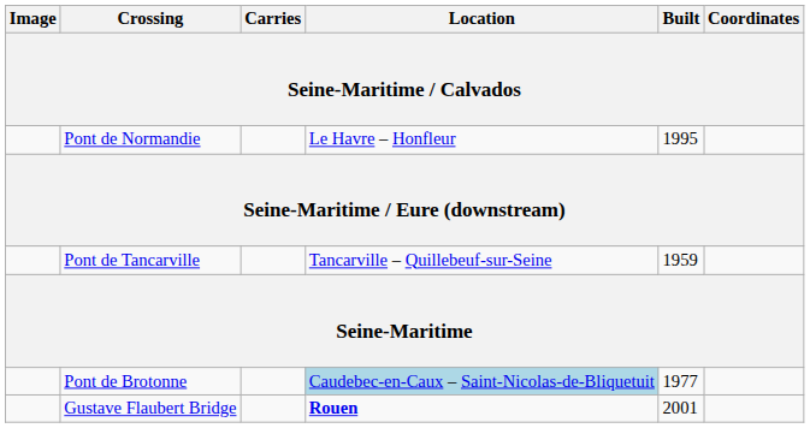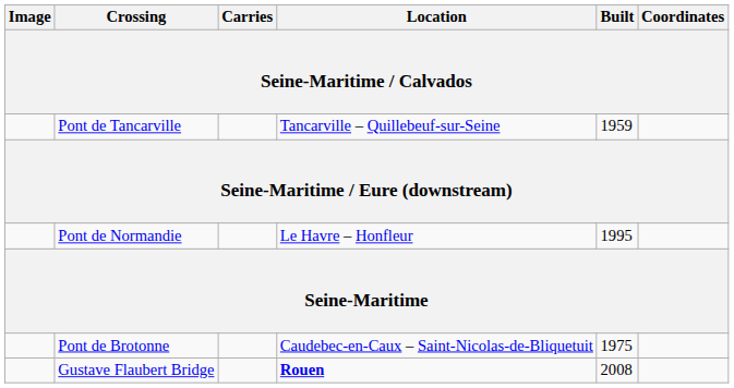 <table class=wikitable>
 <tr>
 <th>Image</th>
 <th>Crossing</th>
 <th>Carries</th>
 <th>Location</th>
 <th>Built</th>
 <th>Coordinates</th>
 </tr>
 <tr>
 <th colspan=6><br><h3>Seine-Maritime / Calvados</h3></th>
 </tr>
 <tr>
 <td></td>
-<td><a href='#'>Pont de Normandie</a></td>
+<td><a href='#'>Pont de Tancarville</a></td>
 <td></td>
-<td><a href='#'>Le Havre</a> – <a href='#'>Honfleur</a></td>
-<td>1995</td>
+<td><a href='#'>Tancarville</a> – <a href='#'>Quillebeuf-sur-Seine</a></td>
+<td>1959</td>
 <td></td>
 </tr>
 <tr>
 <th colspan=6><br><h3>Seine-Maritime / Eure (downstream)</h3></th>
 </tr>
 <tr>
 <td></td>
-<td><a href='#'>Pont de Tancarville</a></td>
+<td><a href='#'>Pont de Normandie</a></td>
 <td></td>
-<td><a href='#'>Tancarville</a> – <a href='#'>Quillebeuf-sur-Seine</a></td>
-<td>1959</td>
+<td><a href='#'>Le Havre</a> – <a href='#'>Honfleur</a></td>
+<td>1995</td>
 <td></td>
 </tr>
 <tr>
 <th colspan=6><br><h3>Seine-Maritime</h3></th>
 </tr>
 <tr>
 <td></td>
 <td><a href='#'>Pont de Brotonne</a></td>
 <td></td>
-<td style="background: lightblue;"><a href='#'>Caudebec-en-Caux</a> – <a href='#'>Saint-Nicolas-de-Bliquetuit</a></td>
-<td>1977</td>
+<td><a href='#'>Caudebec-en-Caux</a> – <a href='#'>Saint-Nicolas-de-Bliquetuit</a></td>
+<td>1975</td>
 <td></td>
 </tr>
 <tr>
 <td></td>
 <td><a href='#'>Gustave Flaubert Bridge</a></td>
 <td></td>
 <td><strong><a href='#'>Rouen</a></strong></td>
-<td>2001</td>
+<td>2008</td>
 <td></td>
 </tr>
 </table>
